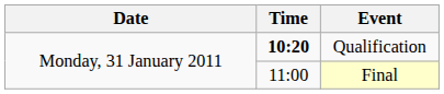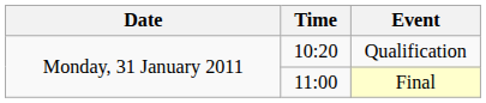 <table class = "wikitable" style="text-align:center;">
 <tr>
 <th width=220>Date</th>
 <th width=50>Time</th>
 <th width=100>Event</th>
 </tr>
 <tr>
 <td rowspan=2>Monday, 31 January 2011</td>
-<td><strong>10:20</strong></td>
+<td>10:20</td>
 <td>Qualification</td>
 </tr>
 <tr>
 <td>11:00</td>
 <td bgcolor=ffffcc>Final</td>
 </tr>
 </table>
